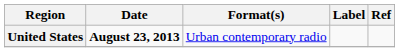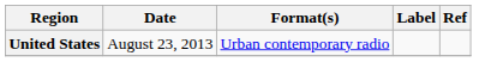 <table class="wikitable plainrowheaders">
 <tr>
 <th scope="col">Region</th>
 <th scope="col">Date</th>
 <th scope="col">Format(s)</th>
 <th scope="col">Label</th>
 <th scope="col">Ref</th>
 </tr>
 <tr>
 <th scope="row">United States</th>
-<td><strong>August 23, 2013</strong></td>
+<td>August 23, 2013</td>
 <td><a href='#'>Urban contemporary radio</a></td>
 <td></td>
 <td></td>
 </tr>
 <tr>
 </tr>
 </table>
